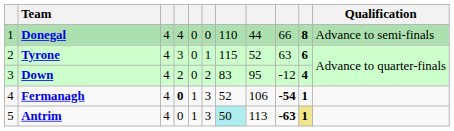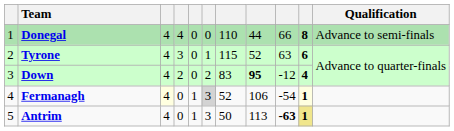 <table class="wikitable">
 <tr>
 <th width="10"></th>
 <th width="170" style="text-align:left;">Team</th>
 <th width="10"></th>
 <th width="10"></th>
 <th width="10"></th>
 <th width="10"></th>
 <th width="30"></th>
 <th width="30"></th>
 <th width="10"></th>
 <th width="10"></th>
 <th>Qualification</th>
 </tr>
 <tr style="background:#ace1af">
 <td>1</td>
 <td align="left"><strong> <a href='#'>Donegal</a></strong></td>
 <td>4</td>
 <td>4</td>
 <td>0</td>
 <td>0</td>
 <td>110</td>
 <td>44</td>
 <td>66</td>
 <td><strong>8</strong></td>
 <td>Advance to semi-finals</td>
 </tr>
 <tr style="background:#ccffcc">
 <td>2</td>
 <td align="left"><strong> <a href='#'>Tyrone</a></strong></td>
 <td>4</td>
 <td>3</td>
 <td>0</td>
 <td>1</td>
 <td>115</td>
 <td>52</td>
 <td>63</td>
 <td><strong>6</strong></td>
 <td rowspan=2>Advance to quarter-finals</td>
 </tr>
 <tr style="background:#ccffcc">
 <td>3</td>
 <td align="left"><strong> <a href='#'>Down</a></strong></td>
 <td>4</td>
 <td>2</td>
 <td>0</td>
 <td>2</td>
 <td>83</td>
-<td>95</td>
+<td><strong>95</strong></td>
 <td>-12</td>
 <td><strong>4</strong></td>
 </tr>
 <tr>
 <td>4</td>
 <td align="left"><strong> <a href='#'>Fermanagh</a></strong></td>
-<td>4</td>
-<td><strong>0</strong></td>
+<td style="background: lightyellow;">4</td>
+<td>0</td>
 <td>1</td>
-<td>3</td>
+<td style="background: lightgrey;">3</td>
 <td>52</td>
 <td>106</td>
-<td><strong>-54</strong></td>
-<td><strong>1</strong></td>
+<td>-54</td>
+<td style="background: lightyellow;"><strong>1</strong></td>
 <td></td>
 </tr>
 <tr>
 <td>5</td>
 <td align="left"><strong> <a href='#'>Antrim</a></strong></td>
 <td>4</td>
 <td>0</td>
 <td>1</td>
 <td>3</td>
-<td style="background: paleturquoise;">50</td>
+<td>50</td>
 <td>113</td>
 <td><strong>-63</strong></td>
 <td style="background: khaki;"><strong>1</strong></td>
 <td></td>
 </tr>
 </table>
